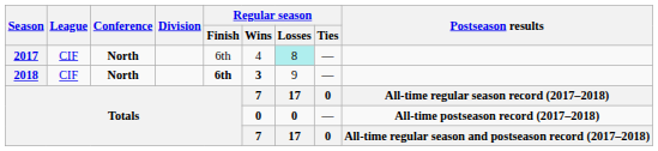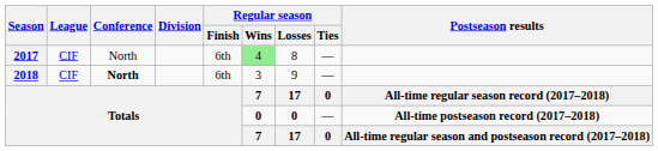 <table class="wikitable" style="text-align:center; font-size: 95%;">
 <tr>
 <th rowspan="2"><a href='#'>Season</a></th>
 <th rowspan="2"><a href='#'>League</a></th>
 <th rowspan="2"><a href='#'>Conference</a></th>
 <th rowspan="2"><a href='#'>Division</a></th>
 <th colspan="4"><a href='#'>Regular season</a></th>
 <th rowspan="2"><a href='#'>Postseason</a> results</th>
 </tr>
 <tr>
 <th>Finish</th>
 <th>Wins</th>
 <th>Losses</th>
 <th>Ties</th>
 </tr>
 <tr>
 <th><a href='#'>2017</a></th>
 <td><a href='#'>CIF</a></td>
-<td><strong>North</strong></td>
+<td>North</td>
 <td></td>
 <td>6th</td>
-<td>4</td>
-<td style="background: paleturquoise;">8</td>
+<td style="background: lightgreen;">4</td>
+<td>8</td>
 <td>—</td>
 <td style="text-align:left"></td>
 </tr>
 <tr>
 <th><a href='#'>2018</a></th>
 <td><a href='#'>CIF</a></td>
 <td><strong>North</strong></td>
 <td></td>
-<td><strong>6th</strong></td>
-<td><strong>3</strong></td>
+<td>6th</td>
+<td>3</td>
 <td>9</td>
 <td>—</td>
 <td style="text-align:left"></td>
 </tr>
 <tr>
 <th rowspan="5" colspan="5">Totals</th>
 <th>7</th>
 <th>17</th>
 <th>0</th>
 <th colspan="3">All-time regular season record (2017–2018)</th>
 </tr>
 <tr>
 <td><strong>0</strong></td>
 <td><strong>0</strong></td>
 <td><strong>—</strong></td>
 <td colspan="3"><strong>All-time postseason record (2017–2018)</strong></td>
 </tr>
 <tr>
 <th>7</th>
 <th>17</th>
 <th>0</th>
 <th colspan="3">All-time regular season and postseason record (2017–2018)</th>
 </tr>
 </table>
